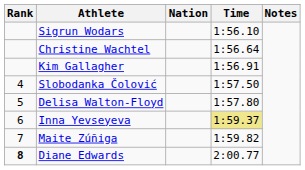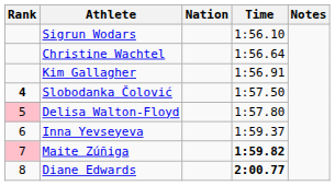 <table class="wikitable sortable" style="text-align:center">
 <tr>
 <th>Rank</th>
 <th>Athlete</th>
 <th>Nation</th>
 <th>Time</th>
 <th>Notes</th>
 </tr>
 <tr>
 <td></td>
 <td align=left><a href='#'>Sigrun Wodars</a></td>
 <td align=left></td>
 <td>1:56.10</td>
 </tr>
 <tr>
 <td></td>
 <td align=left><a href='#'>Christine Wachtel</a></td>
 <td align=left></td>
 <td>1:56.64</td>
 </tr>
 <tr>
 <td></td>
 <td align=left><a href='#'>Kim Gallagher</a></td>
 <td align=left></td>
 <td>1:56.91</td>
 </tr>
 <tr>
-<td>4</td>
+<td><strong>4</strong></td>
 <td align=left><a href='#'>Slobodanka Čolović</a></td>
 <td align=left></td>
 <td>1:57.50</td>
 </tr>
 <tr>
-<td>5</td>
+<td style="background: pink;">5</td>
 <td align=left><a href='#'>Delisa Walton-Floyd</a></td>
 <td align=left></td>
 <td>1:57.80</td>
 </tr>
 <tr>
 <td>6</td>
 <td align=left><a href='#'>Inna Yevseyeva</a></td>
 <td align=left></td>
-<td style="background: khaki;">1:59.37</td>
+<td>1:59.37</td>
 </tr>
 <tr>
-<td>7</td>
+<td style="background: pink;">7</td>
 <td align=left><a href='#'>Maite Zúñiga</a></td>
 <td align=left></td>
-<td>1:59.82</td>
+<td><strong>1:59.82</strong></td>
 </tr>
 <tr>
-<td><strong>8</strong></td>
+<td>8</td>
 <td align=left><a href='#'>Diane Edwards</a></td>
 <td align=left></td>
-<td>2:00.77</td>
+<td><strong>2:00.77</strong></td>
 </tr>
 </table>
